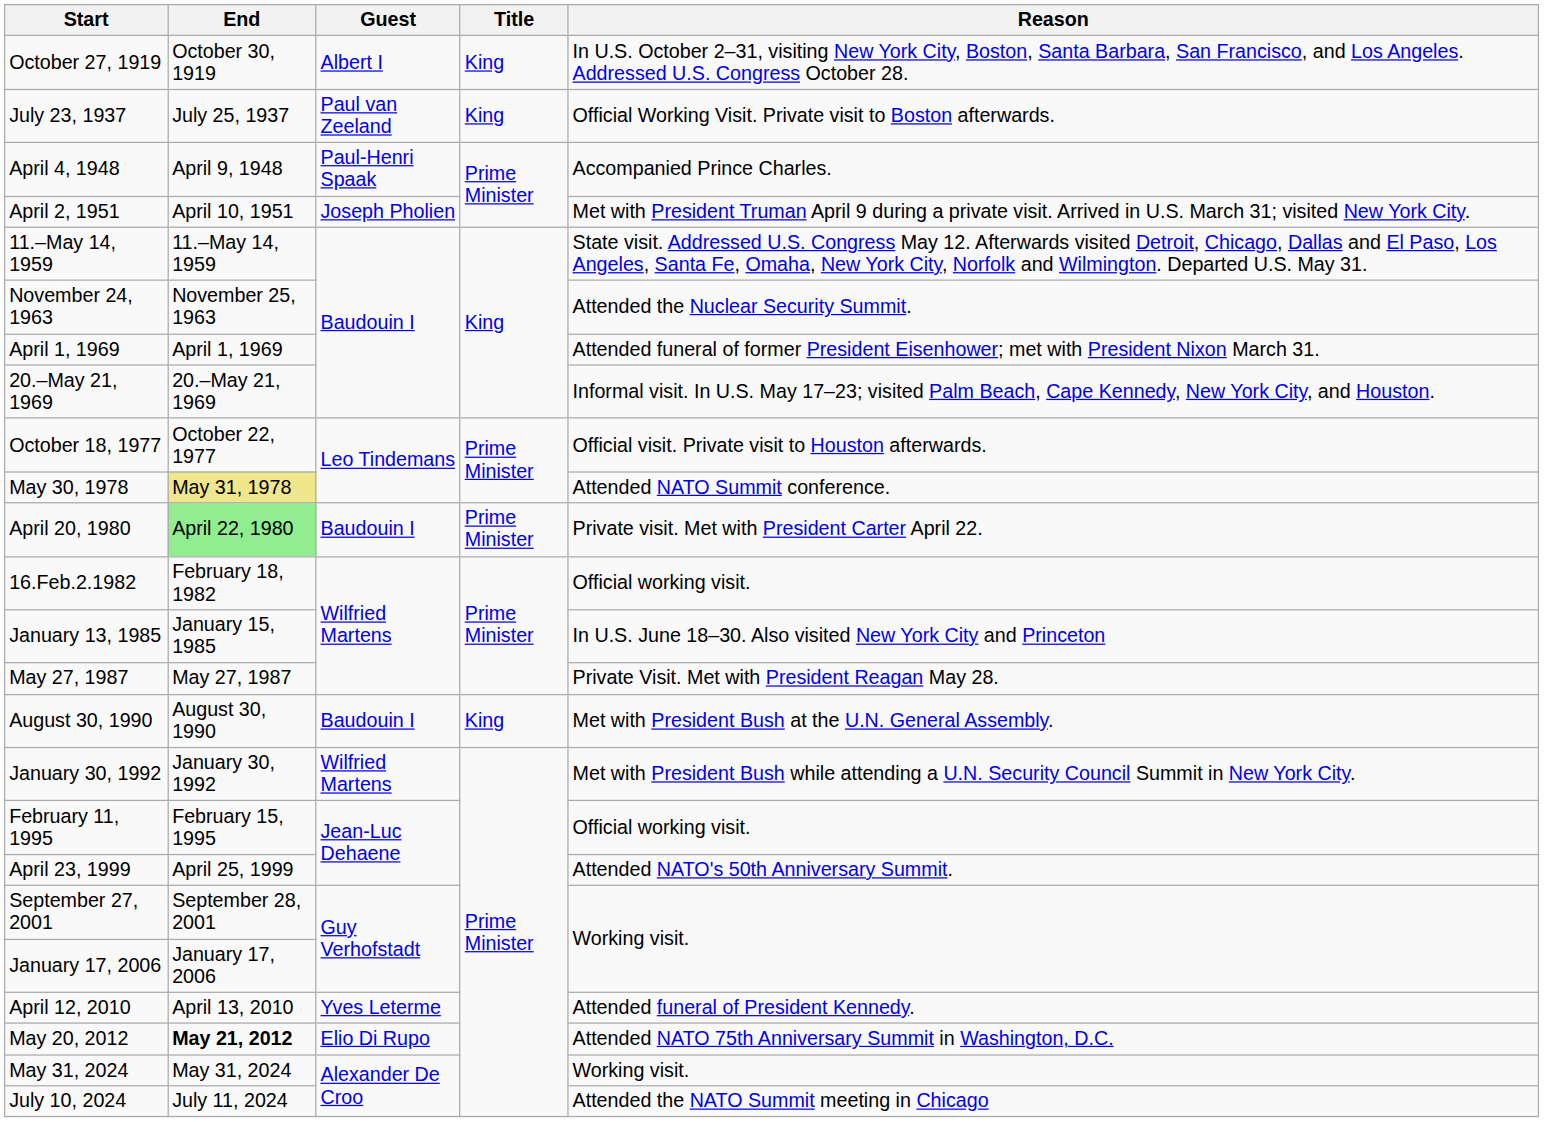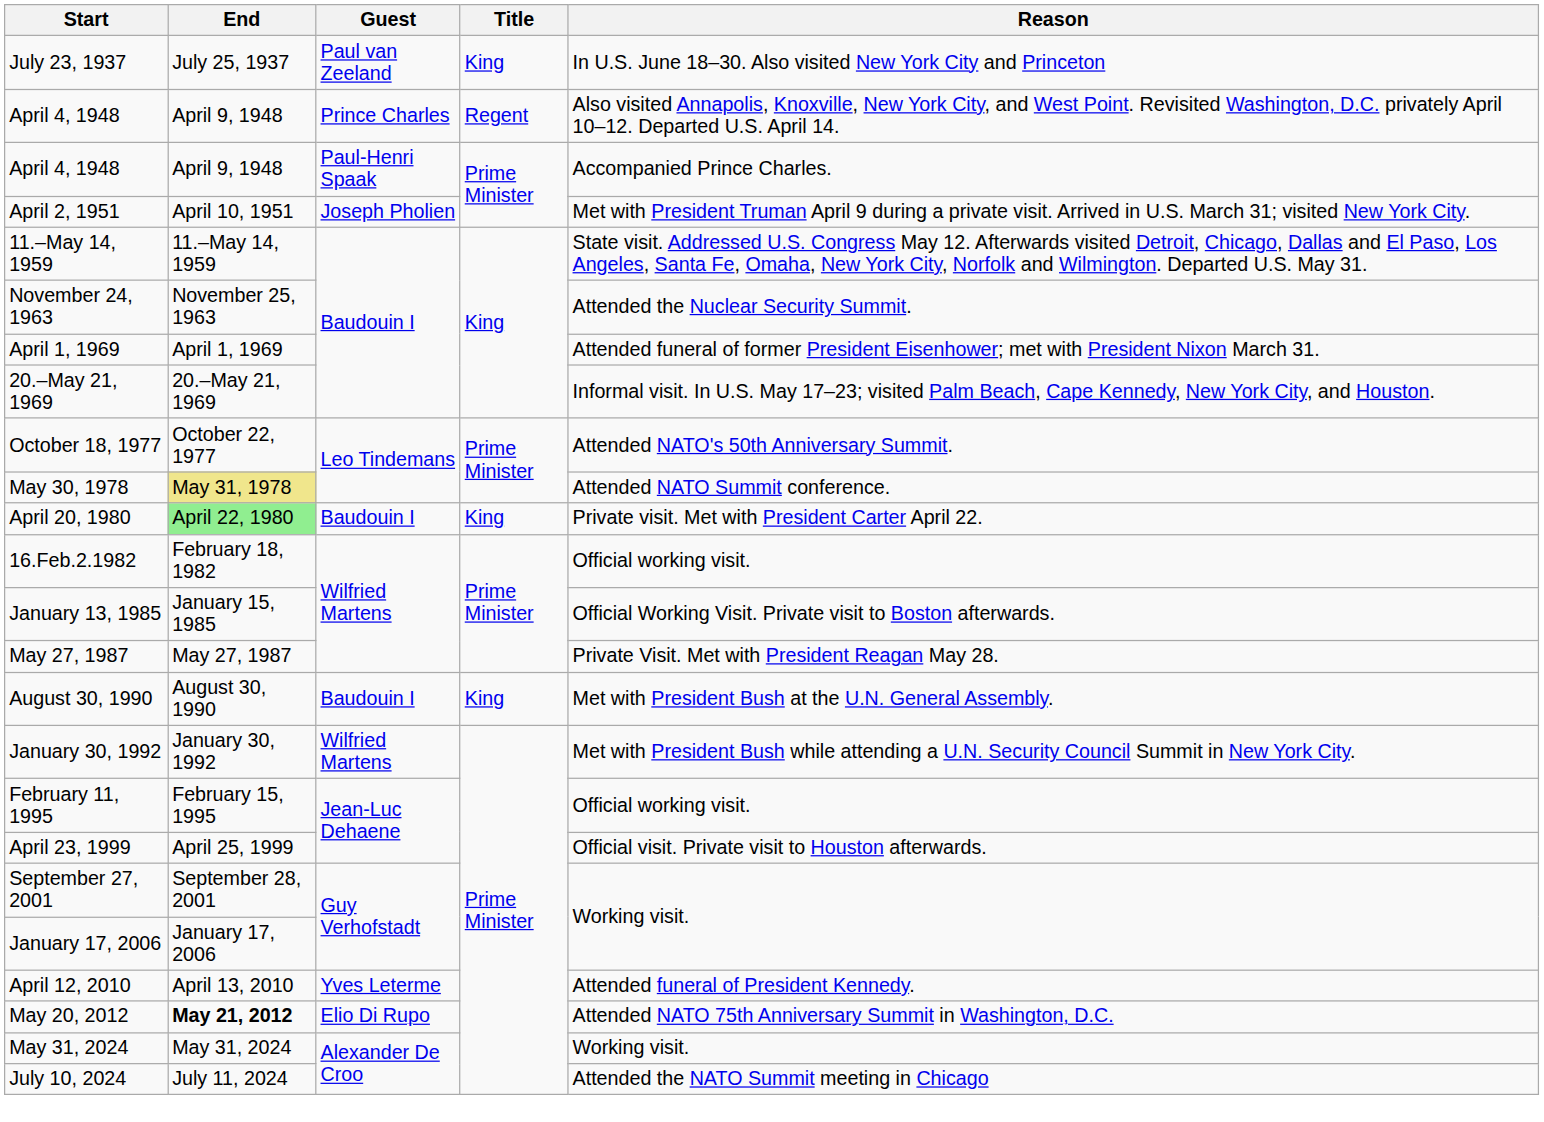 <table class="wikitable sortable">
 <tr>
 <th>Start</th>
 <th>End</th>
 <th>Guest</th>
 <th>Title</th>
 <th>Reason</th>
 </tr>
 <tr>
-<td>October 27, 1919</td>
-<td>October 30, 1919</td>
-<td><a href='#'>Albert I</a></td>
-<td><a href='#'>King</a></td>
-<td>In U.S. October 2–31, visiting <a href='#'>New York City</a>, <a href='#'>Boston</a>, <a href='#'>Santa Barbara</a>, <a href='#'>San Francisco</a>, and <a href='#'>Los Angeles</a>. <a href='#'>Addressed U.S. Congress</a> October 28.</td>
-</tr>
-<tr>
 <td>July 23, 1937</td>
 <td>July 25, 1937</td>
 <td><a href='#'>Paul van Zeeland</a></td>
 <td><a href='#'>King</a></td>
-<td>Official Working Visit. Private visit to <a href='#'>Boston</a> afterwards.</td>
+<td>In U.S. June 18–30. Also visited <a href='#'>New York City</a> and <a href='#'>Princeton</a></td>
+</tr>
+<tr>
+<td>April 4, 1948</td>
+<td>April 9, 1948</td>
+<td><a href='#'>Prince Charles</a></td>
+<td><a href='#'>Regent</a></td>
+<td>Also visited <a href='#'>Annapolis</a>, <a href='#'>Knoxville</a>, <a href='#'>New York City</a>, and <a href='#'>West Point</a>. Revisited <a href='#'>Washington, D.C.</a> privately April 10–12. Departed U.S. April 14.</td>
 </tr>
 <tr>
 <td>April 4, 1948</td>
 <td>April 9, 1948</td>
 <td><a href='#'>Paul-Henri Spaak</a></td>
 <td rowspan="2"><a href='#'>Prime Minister</a></td>
 <td>Accompanied Prince Charles.</td>
 </tr>
 <tr>
 <td>April 2, 1951</td>
 <td>April 10, 1951</td>
 <td><a href='#'>Joseph Pholien</a></td>
 <td>Met with <a href='#'>President Truman</a> April 9 during a private visit. Arrived in U.S. March 31; visited <a href='#'>New York City</a>.</td>
 </tr>
 <tr>
 <td>11.–May 14, 1959</td>
 <td>11.–May 14, 1959</td>
 <td rowspan=4><a href='#'>Baudouin I</a></td>
 <td rowspan="4"><a href='#'>King</a></td>
 <td>State visit. <a href='#'>Addressed U.S. Congress</a> May 12. Afterwards visited <a href='#'>Detroit</a>, <a href='#'>Chicago</a>, <a href='#'>Dallas</a> and <a href='#'>El Paso</a>, <a href='#'>Los Angeles</a>, <a href='#'>Santa Fe</a>, <a href='#'>Omaha</a>, <a href='#'>New York City</a>, <a href='#'>Norfolk</a> and <a href='#'>Wilmington</a>. Departed U.S. May 31.</td>
 </tr>
 <tr>
 <td>November 24, 1963</td>
 <td>November 25, 1963</td>
 <td>Attended the <a href='#'>Nuclear Security Summit</a>.</td>
 </tr>
 <tr>
 <td>April 1, 1969</td>
 <td>April 1, 1969</td>
 <td>Attended funeral of former <a href='#'>President Eisenhower</a>; met with <a href='#'>President Nixon</a> March 31.</td>
 </tr>
 <tr>
 <td>20.–May 21, 1969</td>
 <td>20.–May 21, 1969</td>
 <td>Informal visit. In U.S. May 17–23; visited <a href='#'>Palm Beach</a>, <a href='#'>Cape Kennedy</a>, <a href='#'>New York City</a>, and <a href='#'>Houston</a>.</td>
 </tr>
 <tr>
 <td>October 18, 1977</td>
 <td>October 22, 1977</td>
 <td rowspan=2><a href='#'>Leo Tindemans</a></td>
 <td rowspan="2"><a href='#'>Prime Minister</a></td>
-<td>Official visit. Private visit to <a href='#'>Houston</a> afterwards.</td>
+<td>Attended <a href='#'>NATO's 50th Anniversary Summit</a>.</td>
 </tr>
 <tr>
 <td>May 30, 1978</td>
 <td style="background: khaki;">May 31, 1978</td>
 <td>Attended <a href='#'>NATO Summit</a> conference.</td>
 </tr>
 <tr>
 <td>April 20, 1980</td>
 <td style="background: lightgreen;">April 22, 1980</td>
 <td><a href='#'>Baudouin I</a></td>
-<td><a href='#'>Prime Minister</a></td>
+<td><a href='#'>King</a></td>
 <td>Private visit. Met with <a href='#'>President Carter</a> April 22.</td>
 </tr>
 <tr>
 <td>16.Feb.2.1982</td>
 <td>February 18, 1982</td>
 <td rowspan=3><a href='#'>Wilfried Martens</a></td>
 <td rowspan="3"><a href='#'>Prime Minister</a></td>
 <td>Official working visit.</td>
 </tr>
 <tr>
 <td>January 13, 1985</td>
 <td>January 15, 1985</td>
-<td>In U.S. June 18–30. Also visited <a href='#'>New York City</a> and <a href='#'>Princeton</a></td>
+<td>Official Working Visit. Private visit to <a href='#'>Boston</a> afterwards.</td>
 </tr>
 <tr>
 <td>May 27, 1987</td>
 <td>May 27, 1987</td>
 <td>Private Visit. Met with <a href='#'>President Reagan</a> May 28.</td>
 </tr>
 <tr>
 <td>August 30, 1990</td>
 <td>August 30, 1990</td>
 <td><a href='#'>Baudouin I</a></td>
 <td><a href='#'>King</a></td>
 <td>Met with <a href='#'>President Bush</a> at the <a href='#'>U.N. General Assembly</a>.</td>
 </tr>
 <tr>
 <td>January 30, 1992</td>
 <td>January 30, 1992</td>
 <td><a href='#'>Wilfried Martens</a></td>
 <td rowspan="9"><a href='#'>Prime Minister</a></td>
 <td>Met with <a href='#'>President Bush</a> while attending a <a href='#'>U.N. Security Council</a> Summit in <a href='#'>New York City</a>.</td>
 </tr>
 <tr>
 <td>February 11, 1995</td>
 <td>February 15, 1995</td>
 <td rowspan=2><a href='#'>Jean-Luc Dehaene</a></td>
 <td>Official working visit.</td>
 </tr>
 <tr>
 <td>April 23, 1999</td>
 <td>April 25, 1999</td>
-<td>Attended <a href='#'>NATO's 50th Anniversary Summit</a>.</td>
+<td>Official visit. Private visit to <a href='#'>Houston</a> afterwards.</td>
 </tr>
 <tr>
 <td>September 27, 2001</td>
 <td>September 28, 2001</td>
 <td rowspan=2><a href='#'>Guy Verhofstadt</a></td>
 <td rowspan=2>Working visit.</td>
 </tr>
 <tr>
 <td>January 17, 2006</td>
 <td>January 17, 2006</td>
 </tr>
 <tr>
 <td>April 12, 2010</td>
 <td>April 13, 2010</td>
 <td><a href='#'>Yves Leterme</a></td>
 <td>Attended <a href='#'>funeral of President Kennedy</a>.</td>
 </tr>
 <tr>
 <td>May 20, 2012</td>
 <td><strong>May 21, 2012</strong></td>
 <td><a href='#'>Elio Di Rupo</a></td>
 <td>Attended <a href='#'>NATO 75th Anniversary Summit</a> in <a href='#'>Washington, D.C.</a></td>
 </tr>
 <tr>
 <td>May 31, 2024</td>
 <td>May 31, 2024</td>
 <td rowspan=2><a href='#'>Alexander De Croo</a></td>
 <td>Working visit.</td>
 </tr>
 <tr>
 <td>July 10, 2024</td>
 <td>July 11, 2024</td>
 <td>Attended the <a href='#'>NATO Summit</a> meeting in <a href='#'>Chicago</a></td>
 </tr>
 </table>
